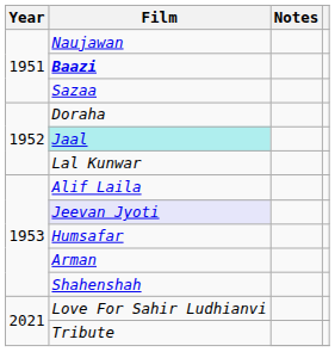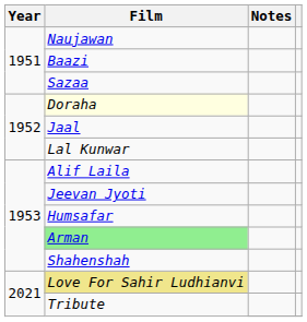 <table class="wikitable sortable">
 <tr>
 <th>Year</th>
 <th>Film</th>
 <th>Notes</th>
 <th scope="col" class="unsortable"><br></th>
 </tr>
 <tr>
 <td rowspan="3">1951</td>
 <td><em><a href='#'>Naujawan</a></em></td>
 <td></td>
 <td></td>
 </tr>
 <tr>
-<td><strong><em><a href='#'>Baazi</a></em></strong></td>
+<td><em><a href='#'>Baazi</a></em></td>
 <td></td>
 <td></td>
 </tr>
 <tr>
 <td><em><a href='#'>Sazaa</a></em></td>
 <td></td>
 <td></td>
 </tr>
 <tr>
 <td rowspan="3">1952</td>
-<td><em>Doraha</em></td>
+<td style="background: lightyellow;"><em>Doraha</em></td>
 <td></td>
 <td></td>
 </tr>
 <tr>
-<td style="background: paleturquoise;"><em><a href='#'>Jaal</a></em></td>
+<td><em><a href='#'>Jaal</a></em></td>
 <td></td>
 <td></td>
 </tr>
 <tr>
 <td><em>Lal Kunwar</em></td>
 <td></td>
 <td></td>
 </tr>
 <tr>
 <td rowspan="5">1953</td>
 <td><em><a href='#'>Alif Laila</a></em></td>
 <td></td>
 <td></td>
 </tr>
 <tr>
-<td style="background: lavender;"><em><a href='#'>Jeevan Jyoti</a></em></td>
+<td><em><a href='#'>Jeevan Jyoti</a></em></td>
 <td></td>
 <td></td>
 </tr>
 <tr>
 <td><em><a href='#'>Humsafar</a></em></td>
 <td></td>
 <td></td>
 </tr>
 <tr>
-<td><em><a href='#'>Arman</a></em></td>
+<td style="background: lightgreen;"><em><a href='#'>Arman</a></em></td>
 <td></td>
 <td></td>
 </tr>
 <tr>
 <td><em><a href='#'>Shahenshah</a></em></td>
 <td></td>
 <td></td>
 </tr>
 <tr>
 <td rowspan="3">2021</td>
-<td><em>Love For Sahir Ludhianvi</em></td>
+<td style="background: khaki;"><em>Love For Sahir Ludhianvi</em></td>
 <td></td>
 <td></td>
 </tr>
 <tr>
 <td rowspan="3"><em>Tribute</em></td>
 <td></td>
 <td></td>
 </tr>
 <tr>
 </tr>
 </table>
